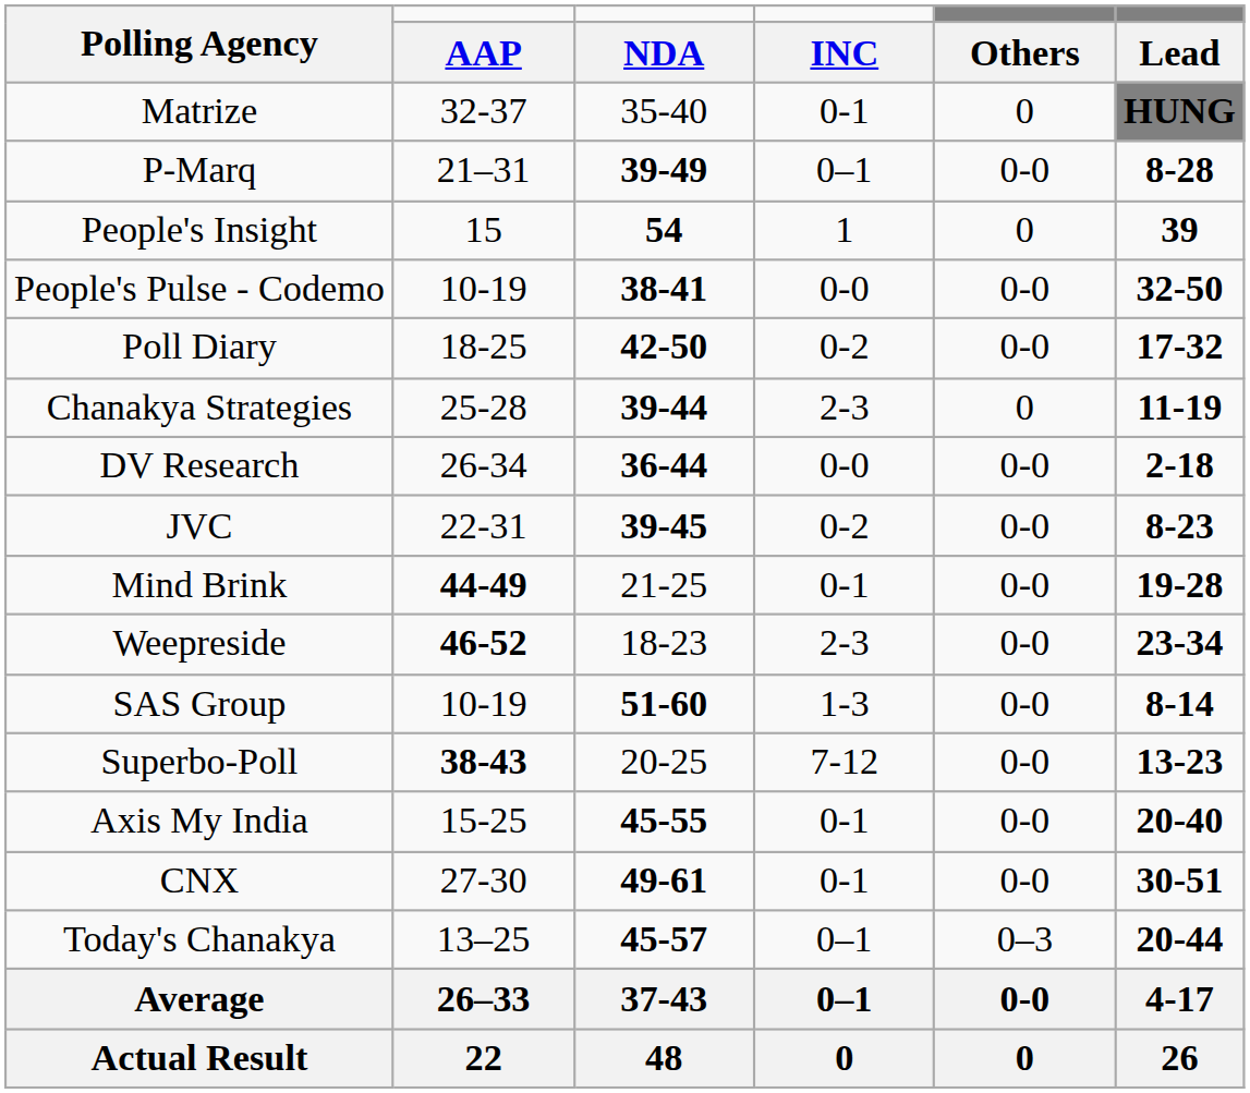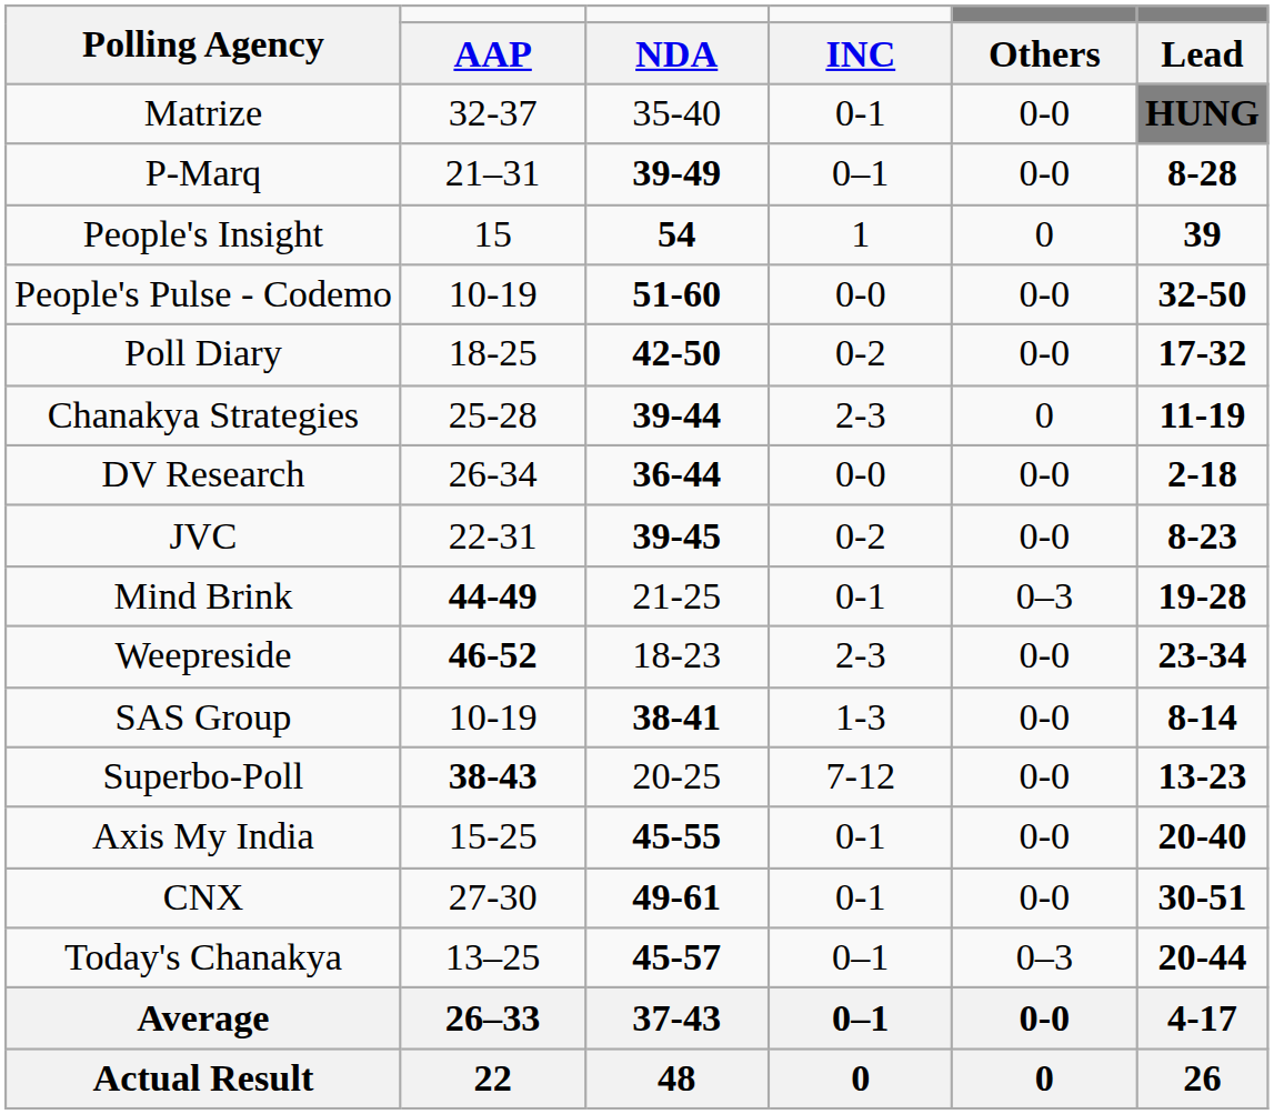 <table class="wikitable" style="text-align:center;">
 <tr>
 <th rowspan="2">Polling Agency</th>
 <td></td>
 <td></td>
 <td></td>
 <td style="background:gray;"></td>
 <td style="background:gray;"></td>
 </tr>
 <tr>
 <th width="70"><a href='#'>AAP</a></th>
 <th width="70"><a href='#'>NDA</a></th>
 <th width="70"><a href='#'>INC</a></th>
 <th width="70" rowspan="1">Others</th>
 <th>Lead</th>
 </tr>
 <tr>
 <td>Matrize</td>
 <td>32-37</td>
 <td>35-40</td>
 <td>0-1</td>
-<td>0</td>
+<td>0-0</td>
 <td style="background:gray"><span><strong>HUNG</strong></span></td>
 </tr>
 <tr>
 <td>P-Marq</td>
 <td>21–31</td>
 <td style="background:"><span><strong>39-49</strong></span></td>
 <td>0–1</td>
 <td>0-0</td>
 <td style="background:"><span><strong>8-28</strong></span></td>
 </tr>
 <tr>
 <td>People's Insight</td>
 <td>15</td>
 <td style="background:"><span><strong>54</strong></span></td>
 <td>1</td>
 <td>0</td>
 <td style="background:"><span><strong>39</strong></span></td>
 </tr>
 <tr>
 <td>People's Pulse - Codemo</td>
 <td>10-19</td>
-<td style="background:"><span><strong>38-41</strong></span></td>
+<td style="background:"><span><strong> 51-60</strong></span></td>
 <td>0-0</td>
 <td>0-0</td>
 <td style="background:"><span><strong>32-50</strong></span></td>
 </tr>
 <tr>
 <td>Poll Diary</td>
 <td>18-25</td>
 <td style="background:"><span><strong>42-50</strong></span></td>
 <td>0-2</td>
 <td>0-0</td>
 <td style="background:"><span><strong>17-32</strong></span></td>
 </tr>
 <tr>
 <td>Chanakya Strategies</td>
 <td>25-28</td>
 <td style="background:"><span><strong>39-44</strong></span></td>
 <td>2-3</td>
 <td>0</td>
 <td style="background:"><span><strong>11-19</strong></span></td>
 </tr>
 <tr>
 <td>DV Research</td>
 <td>26-34</td>
 <td style="background:"><span><strong>36-44</strong></span></td>
 <td>0-0</td>
 <td>0-0</td>
 <td style="background:"><span><strong>2-18</strong></span></td>
 </tr>
 <tr>
 <td>JVC</td>
 <td>22-31</td>
 <td style="background:"><span><strong>39-45</strong></span></td>
 <td>0-2</td>
 <td>0-0</td>
 <td style="background:"><span><strong>8-23</strong></span></td>
 </tr>
 <tr>
 <td>Mind Brink</td>
 <td style="background:"><span><strong>44-49</strong></span></td>
 <td>21-25</td>
 <td>0-1</td>
-<td>0-0</td>
+<td>0–3</td>
 <td style="background:"><span><strong>19-28</strong></span></td>
 </tr>
 <tr>
 <td>Weepreside</td>
 <td style="background:"><span><strong>46-52</strong></span></td>
 <td>18-23</td>
 <td>2-3</td>
 <td>0-0</td>
 <td style="background:"><span><strong>23-34</strong></span></td>
 </tr>
 <tr>
 <td>SAS Group</td>
 <td>10-19</td>
-<td style="background:"><span><strong> 51-60</strong></span></td>
+<td style="background:"><span><strong>38-41</strong></span></td>
 <td>1-3</td>
 <td>0-0</td>
 <td style="background:"><span><strong>8-14</strong></span></td>
 </tr>
 <tr>
 <td>Superbo-Poll</td>
 <td style="background:"><span><strong>38-43</strong></span></td>
 <td>20-25</td>
 <td>7-12</td>
 <td>0-0</td>
 <td style="background:"><span><strong>13-23</strong></span></td>
 </tr>
 <tr>
 <td>Axis My India</td>
 <td>15-25</td>
 <td style="background:"><span><strong>45-55</strong></span></td>
 <td>0-1</td>
 <td>0-0</td>
 <td style="background:"><span><strong>20-40</strong></span></td>
 </tr>
 <tr>
 <td>CNX</td>
 <td>27-30</td>
 <td style="background:"><span><strong>49-61</strong></span></td>
 <td>0-1</td>
 <td>0-0</td>
 <td style="background:"><span><strong>30-51</strong></span></td>
 </tr>
 <tr>
 <td>Today's Chanakya</td>
 <td>13–25</td>
 <td style="background:"><span><strong>45-57</strong></span></td>
 <td>0–1</td>
 <td>0–3</td>
 <td style="background:"><span><strong>20-44</strong></span></td>
 </tr>
 <tr>
 <th>Average</th>
 <th>26–33</th>
 <th style="background:"><span><strong>37-43</strong></span></th>
 <th>0–1</th>
 <th>0-0</th>
 <th style="background:"><span><strong>4-17</strong></span></th>
 </tr>
 <tr>
 <th>Actual Result</th>
 <th>22</th>
 <th style="background:"><span><strong>48</strong></span></th>
 <th>0</th>
 <th>0</th>
 <th style="background:"><span><strong>26</strong></span></th>
 </tr>
 </table>
